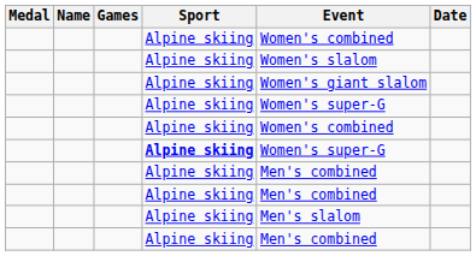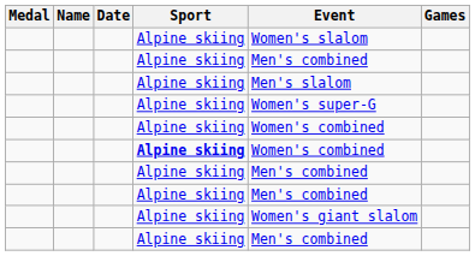 <table class="wikitable sortable" style="font-size: 95%;">
 <tr>
 <th>Medal</th>
 <th>Name</th>
-<th>Games</th>
+<th>Date</th>
 <th>Sport</th>
 <th>Event</th>
-<th>Date</th>
+<th>Games</th>
 </tr>
 <tr>
 <td></td>
 <td></td>
+<td></td>
+<td> <a href='#'>Alpine skiing</a></td>
+<td><a href='#'>Women's slalom</a></td>
 <td> </td>
-<td> <a href='#'>Alpine skiing</a></td>
-<td><a href='#'>Women's combined</a></td>
-<td></td>
 </tr>
 <tr>
 <td></td>
 <td></td>
+<td></td>
+<td> <a href='#'>Alpine skiing</a></td>
+<td><a href='#'>Men's combined</a></td>
 <td> </td>
-<td> <a href='#'>Alpine skiing</a></td>
-<td><a href='#'>Women's slalom</a></td>
-<td></td>
 </tr>
 <tr>
 <td></td>
 <td></td>
+<td></td>
+<td> <a href='#'>Alpine skiing</a></td>
+<td><a href='#'>Men's slalom</a></td>
 <td> </td>
-<td> <a href='#'>Alpine skiing</a></td>
-<td><a href='#'>Women's giant slalom</a></td>
-<td></td>
 </tr>
 <tr>
 <td></td>
 <td></td>
-<td> </td>
+<td></td>
 <td> <a href='#'>Alpine skiing</a></td>
 <td><a href='#'>Women's super-G</a></td>
-<td></td>
+<td> </td>
 </tr>
 <tr>
 <td></td>
 <td></td>
-<td> </td>
+<td></td>
 <td> <a href='#'>Alpine skiing</a></td>
 <td><a href='#'>Women's combined</a></td>
-<td></td>
+<td> </td>
 </tr>
 <tr>
 <td></td>
 <td></td>
+<td></td>
+<td><strong> <a href='#'>Alpine skiing</a></strong></td>
+<td><a href='#'>Women's combined</a></td>
 <td> </td>
-<td><strong> <a href='#'>Alpine skiing</a></strong></td>
-<td><a href='#'>Women's super-G</a></td>
-<td></td>
 </tr>
 <tr>
 <td></td>
 <td></td>
-<td> </td>
+<td></td>
 <td> <a href='#'>Alpine skiing</a></td>
 <td><a href='#'>Men's combined</a></td>
-<td></td>
+<td> </td>
 </tr>
 <tr>
 <td></td>
 <td></td>
-<td> </td>
+<td></td>
 <td> <a href='#'>Alpine skiing</a></td>
 <td><a href='#'>Men's combined</a></td>
-<td></td>
+<td> </td>
 </tr>
 <tr>
 <td></td>
 <td></td>
+<td></td>
+<td> <a href='#'>Alpine skiing</a></td>
+<td><a href='#'>Women's giant slalom</a></td>
 <td> </td>
-<td> <a href='#'>Alpine skiing</a></td>
-<td><a href='#'>Men's slalom</a></td>
-<td></td>
 </tr>
 <tr>
 <td></td>
 <td></td>
-<td> </td>
+<td></td>
 <td> <a href='#'>Alpine skiing</a></td>
 <td><a href='#'>Men's combined</a></td>
-<td></td>
+<td> </td>
 </tr>
 </table>
